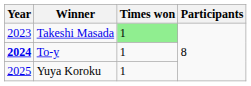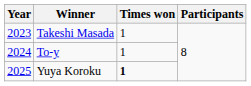 <table class="wikitable sortable">
 <tr>
 <th>Year</th>
 <th>Winner</th>
 <th>Times won</th>
 <th>Participants</th>
 </tr>
 <tr>
 <td><a href='#'>2023</a></td>
 <td><a href='#'>Takeshi Masada</a></td>
-<td style="background: lightgreen;">1</td>
+<td>1</td>
 <td rowspan=3>8</td>
 </tr>
 <tr>
-<td><strong><a href='#'>2024</a></strong></td>
+<td><a href='#'>2024</a></td>
 <td><a href='#'>To-y</a></td>
 <td>1</td>
 </tr>
 <tr>
 <td><a href='#'>2025</a></td>
 <td>Yuya Koroku</td>
-<td>1</td>
+<td><strong>1</strong></td>
 </tr>
 </table>
